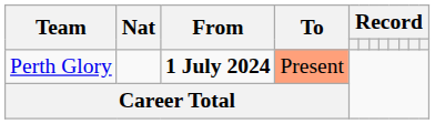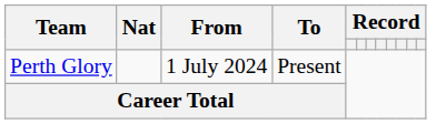 <table class="wikitable" style="text-align: center">
 <tr>
 <th rowspan="2">Team</th>
 <th rowspan="2">Nat</th>
 <th rowspan="2">From</th>
 <th rowspan="2">To</th>
 <th colspan="8">Record</th>
 </tr>
 <tr>
 <th></th>
 <th></th>
 <th></th>
 <th></th>
 <th></th>
 <th></th>
 <th></th>
 <th></th>
 </tr>
 <tr>
 <td align=left><a href='#'>Perth Glory</a></td>
 <td></td>
-<td align=left><strong>1 July 2024</strong></td>
-<td align=left style="background: lightsalmon;">Present<br></td>
+<td align=left>1 July 2024</td>
+<td align=left>Present<br></td>
 </tr>
 <tr>
 <th colspan="4">Career Total<br></th>
 </tr>
 </table>
